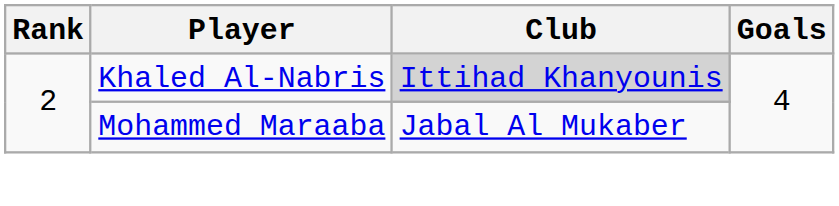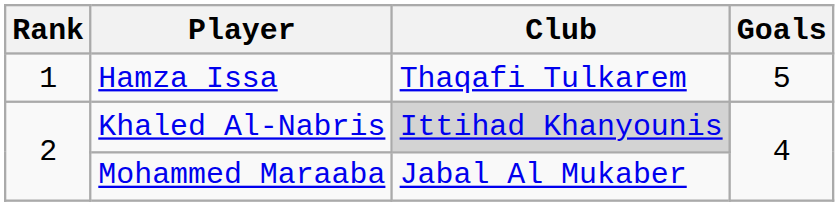 <table class="wikitable sortable" style="text-align:center">
 <tr>
 <th>Rank</th>
 <th>Player</th>
 <th>Club</th>
 <th>Goals</th>
+</tr>
+<tr>
+<td>1</td>
+<td align=left> <a href='#'>Hamza Issa</a></td>
+<td align=left><a href='#'>Thaqafi Tulkarem</a></td>
+<td>5</td>
 </tr>
 <tr>
 <td rowspan=2>2</td>
 <td align=left> <a href='#'>Khaled Al-Nabris</a></td>
 <td align=left style="background: lightgrey;"><a href='#'>Ittihad Khanyounis</a></td>
 <td rowspan=2>4</td>
 </tr>
 <tr>
 <td align="left"> <a href='#'>Mohammed Maraaba</a></td>
 <td align="left"><a href='#'>Jabal Al Mukaber</a></td>
 </tr>
 </table>
